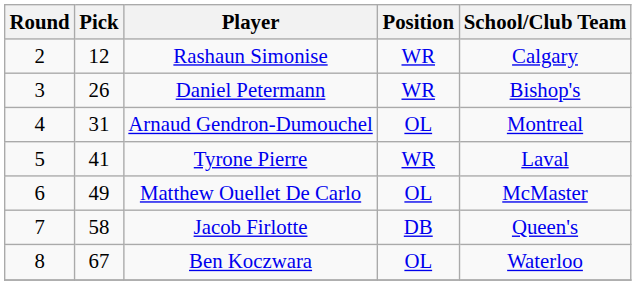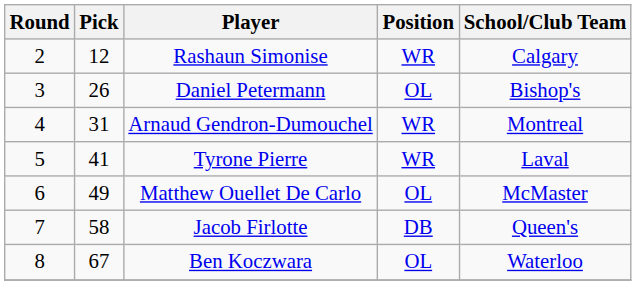 <table class="wikitable" style="font-size: 95%;">
 <tr>
 <th scope="col">Round</th>
 <th scope="col">Pick</th>
 <th scope="col">Player</th>
 <th scope="col">Position</th>
 <th scope="col">School/Club Team</th>
 </tr>
 <tr align="center">
 <td align=center>2</td>
 <td>12</td>
 <td><a href='#'>Rashaun Simonise</a></td>
 <td><a href='#'>WR</a></td>
 <td><a href='#'>Calgary</a></td>
 </tr>
 <tr align="center">
 <td align=center>3</td>
 <td>26</td>
 <td><a href='#'>Daniel Petermann</a></td>
-<td><a href='#'>WR</a></td>
+<td><a href='#'>OL</a></td>
 <td><a href='#'>Bishop's</a></td>
 </tr>
 <tr align="center">
 <td align=center>4</td>
 <td>31</td>
 <td><a href='#'>Arnaud Gendron-Dumouchel</a></td>
-<td><a href='#'>OL</a></td>
+<td><a href='#'>WR</a></td>
 <td><a href='#'>Montreal</a></td>
 </tr>
 <tr align="center">
 <td align=center>5</td>
 <td>41</td>
 <td><a href='#'>Tyrone Pierre</a></td>
 <td><a href='#'>WR</a></td>
 <td><a href='#'>Laval</a></td>
 </tr>
 <tr align="center">
 <td align=center>6</td>
 <td>49</td>
 <td><a href='#'>Matthew Ouellet De Carlo</a></td>
 <td><a href='#'>OL</a></td>
 <td><a href='#'>McMaster</a></td>
 </tr>
 <tr align="center">
 <td align=center>7</td>
 <td>58</td>
 <td><a href='#'>Jacob Firlotte</a></td>
 <td><a href='#'>DB</a></td>
 <td><a href='#'>Queen's</a></td>
 </tr>
 <tr align="center">
 <td align=center>8</td>
 <td>67</td>
 <td><a href='#'>Ben Koczwara</a></td>
 <td><a href='#'>OL</a></td>
 <td><a href='#'>Waterloo</a></td>
 </tr>
 <tr>
 </tr>
 </table>
